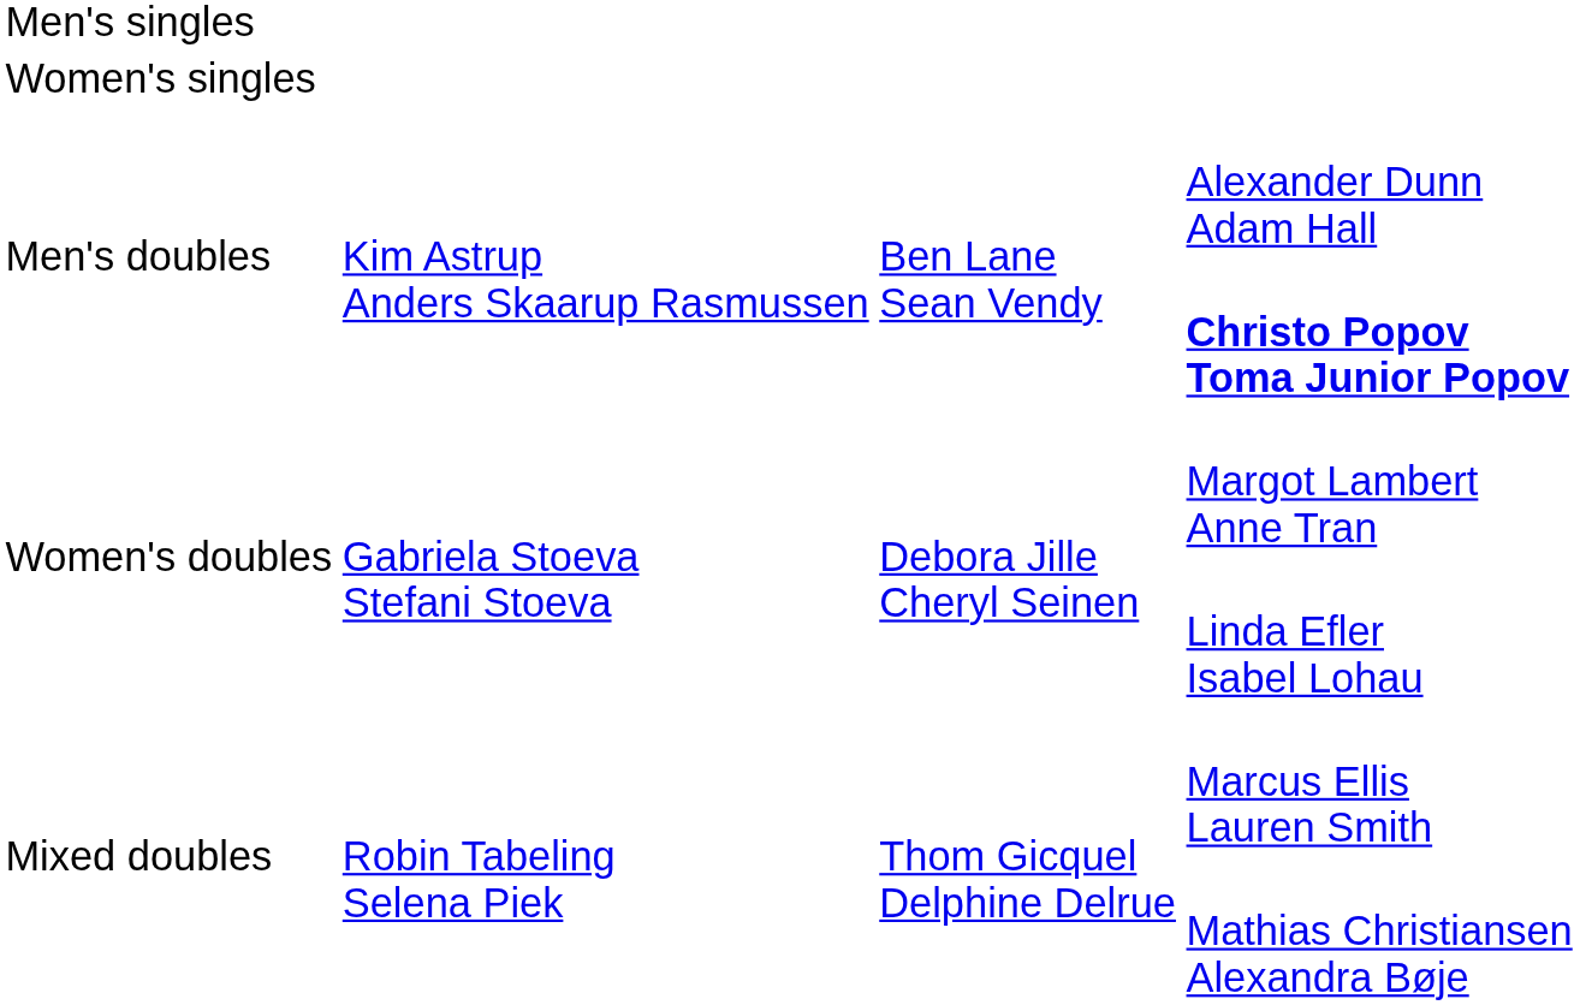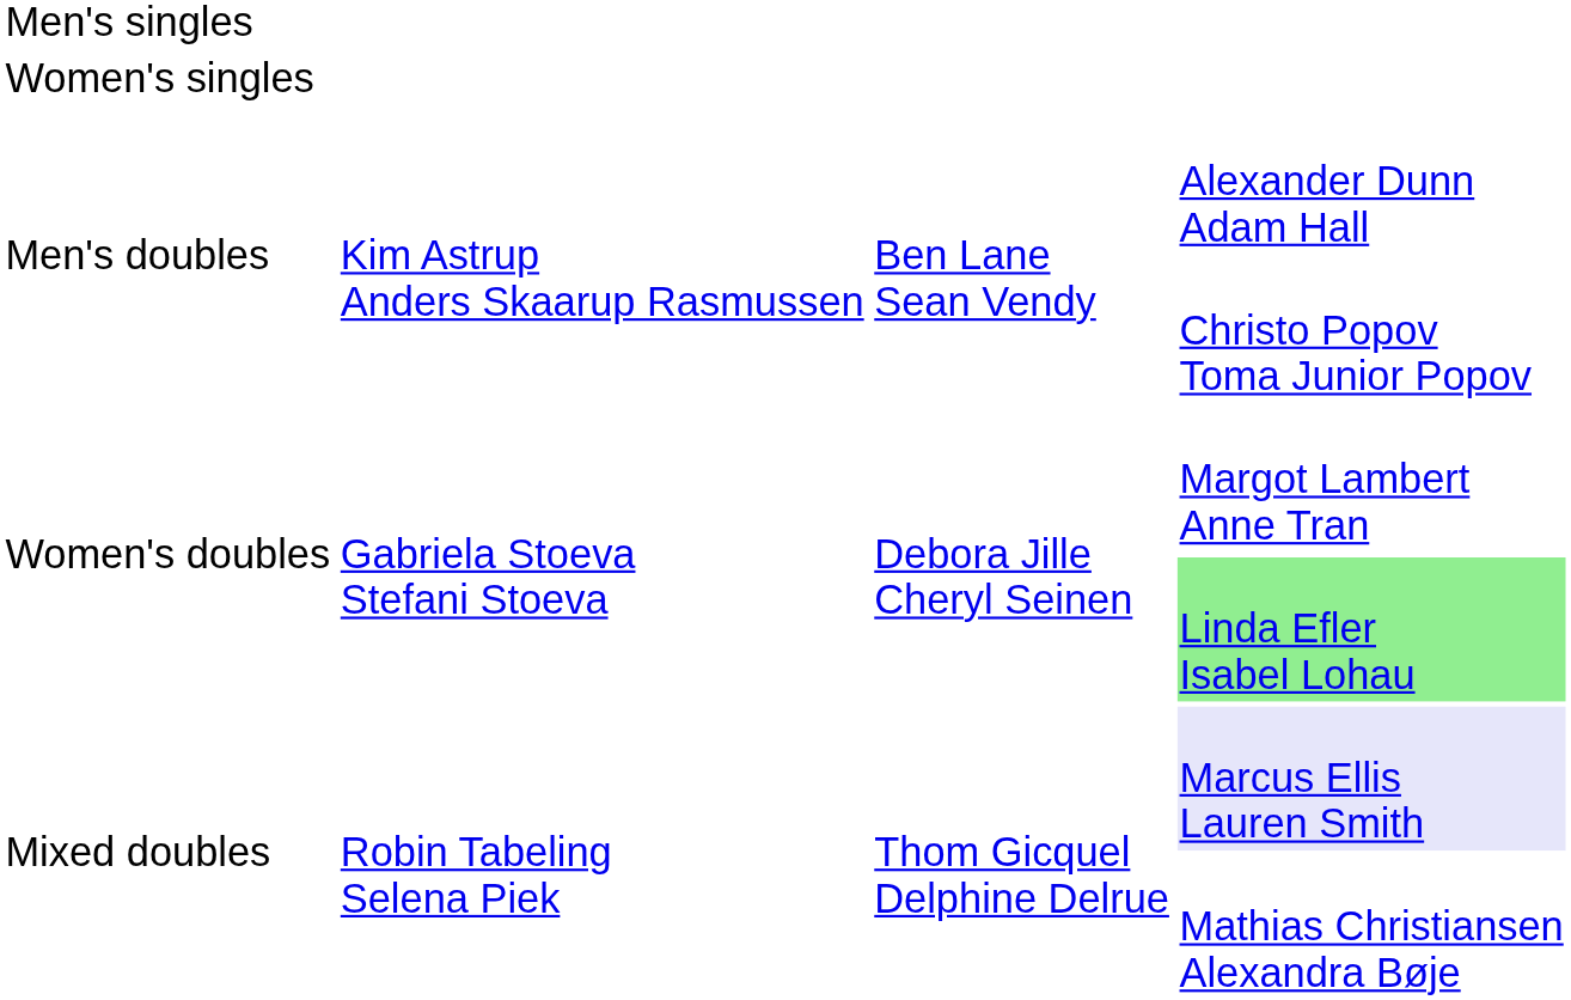 <table>
 <tr>
 <td rowspan=2>Men's singles<br></td>
 <td rowspan=2></td>
 <td rowspan=2></td>
 <td></td>
 </tr>
 <tr>
 <td></td>
 </tr>
 <tr>
 <td rowspan=2>Women's singles<br></td>
 <td rowspan=2></td>
 <td rowspan=2></td>
 <td></td>
 </tr>
 <tr>
 <td></td>
 </tr>
 <tr>
 <td rowspan=2>Men's doubles<br></td>
 <td rowspan=2><br><a href='#'>Kim Astrup</a><br><a href='#'>Anders Skaarup Rasmussen</a></td>
 <td rowspan=2><br><a href='#'>Ben Lane</a><br><a href='#'>Sean Vendy</a></td>
 <td><br><a href='#'>Alexander Dunn</a><br><a href='#'>Adam Hall</a></td>
 </tr>
 <tr>
-<td><strong><br><a href='#'>Christo Popov</a><br><a href='#'>Toma Junior Popov</a></strong></td>
+<td><br><a href='#'>Christo Popov</a><br><a href='#'>Toma Junior Popov</a></td>
 </tr>
 <tr>
 <td rowspan=2>Women's doubles<br></td>
 <td rowspan=2><br><a href='#'>Gabriela Stoeva</a><br><a href='#'>Stefani Stoeva</a></td>
 <td rowspan=2><br><a href='#'>Debora Jille</a><br><a href='#'>Cheryl Seinen</a></td>
 <td><br><a href='#'>Margot Lambert</a><br><a href='#'>Anne Tran</a></td>
 </tr>
 <tr>
-<td><br><a href='#'>Linda Efler</a><br><a href='#'>Isabel Lohau</a></td>
+<td style="background: lightgreen;"><br><a href='#'>Linda Efler</a><br><a href='#'>Isabel Lohau</a></td>
 </tr>
 <tr>
 <td rowspan=2>Mixed doubles<br></td>
 <td rowspan=2><br><a href='#'>Robin Tabeling</a><br><a href='#'>Selena Piek</a></td>
 <td rowspan=2><br><a href='#'>Thom Gicquel</a><br><a href='#'>Delphine Delrue</a></td>
-<td><br><a href='#'>Marcus Ellis</a><br><a href='#'>Lauren Smith</a></td>
+<td style="background: lavender;"><br><a href='#'>Marcus Ellis</a><br><a href='#'>Lauren Smith</a></td>
 </tr>
 <tr>
 <td><br><a href='#'>Mathias Christiansen</a><br><a href='#'>Alexandra Bøje</a></td>
 </tr>
 <tr>
 </tr>
 </table>
